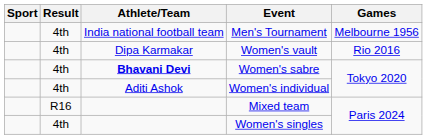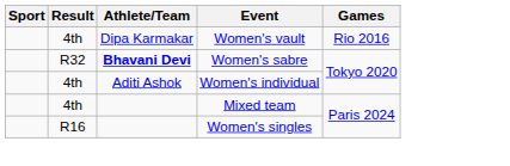 <table class="wikitable" style="text-align:center;">
 <tr>
 <th>Sport</th>
 <th>Result</th>
 <th>Athlete/Team</th>
 <th>Event</th>
 <th>Games</th>
 </tr>
 <tr>
 <td></td>
 <td>4th</td>
-<td><a href='#'>India national football team</a></td>
-<td><a href='#'>Men's Tournament</a></td>
-<td><a href='#'>Melbourne 1956</a></td>
-</tr>
-<tr>
-<td></td>
-<td>4th</td>
 <td><a href='#'>Dipa Karmakar</a></td>
 <td><a href='#'>Women's vault</a></td>
 <td><a href='#'>Rio 2016</a></td>
 </tr>
 <tr>
 <td></td>
-<td>4th</td>
+<td>R32</td>
 <td><strong><a href='#'>Bhavani Devi</a></strong></td>
 <td><a href='#'>Women's sabre</a></td>
 <td rowspan=2><a href='#'>Tokyo 2020</a></td>
 </tr>
 <tr>
 <td></td>
 <td>4th</td>
 <td><a href='#'>Aditi Ashok</a></td>
 <td><a href='#'>Women's individual</a></td>
 </tr>
 <tr>
 <td></td>
-<td>R16</td>
+<td>4th</td>
 <td></td>
 <td><a href='#'>Mixed team</a></td>
 <td rowspan=2><a href='#'>Paris 2024</a></td>
 </tr>
 <tr>
 <td></td>
-<td>4th</td>
+<td>R16</td>
 <td></td>
 <td><a href='#'>Women's singles</a></td>
 </tr>
 </table>
